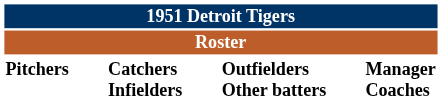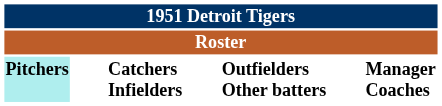 <table class="toccolours" style="font-size: 95%;">
 <tr>
 <th colspan="10" style="background-color: #003366; color: white; text-align: center;">1951 Detroit Tigers</th>
 </tr>
 <tr>
 <td colspan="10" style="background-color: #bd5d29; color: white; text-align: center;"><strong>Roster</strong></td>
 </tr>
 <tr>
-<td valign="top"><strong>Pitchers</strong><br>               </td>
+<td valign="top" style="background: paleturquoise;"><strong>Pitchers</strong><br>               </td>
 <td width="25px"></td>
 <td valign="top"><strong>Catchers</strong><br>    <strong>Infielders</strong>       </td>
 <td width="25px"></td>
 <td valign="top"><strong>Outfielders</strong><br>       <strong>Other batters</strong> </td>
 <td width="25px"></td>
 <td valign="top"><strong>Manager</strong><br> <strong>Coaches</strong>   </td>
 </tr>
 </table>
